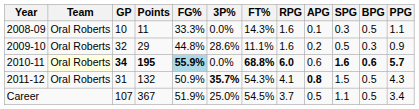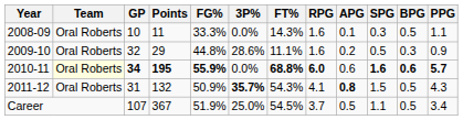 <table class="wikitable">
 <tr>
 <th>Year</th>
 <th>Team</th>
 <th>GP</th>
 <th>Points</th>
 <th>FG%</th>
 <th>3P%</th>
 <th>FT%</th>
 <th>RPG</th>
 <th>APG</th>
 <th>SPG</th>
 <th>BPG</th>
 <th>PPG</th>
 </tr>
 <tr>
 <td>2008-09</td>
 <td>Oral Roberts</td>
 <td>10</td>
 <td>11</td>
 <td>33.3%</td>
 <td>0.0%</td>
 <td>14.3%</td>
 <td>1.6</td>
 <td>0.1</td>
 <td>0.3</td>
 <td>0.5</td>
 <td>1.1</td>
 </tr>
 <tr>
 <td>2009-10</td>
 <td>Oral Roberts</td>
 <td>32</td>
 <td>29</td>
 <td>44.8%</td>
 <td>28.6%</td>
 <td>11.1%</td>
 <td>1.6</td>
 <td>0.2</td>
 <td>0.5</td>
 <td>0.3</td>
 <td>0.9</td>
 </tr>
 <tr>
 <td>2010-11</td>
 <td style="background: lightyellow;">Oral Roberts</td>
 <td><strong>34</strong></td>
 <td><strong>195</strong></td>
-<td style="background: lightblue;"><strong>55.9%</strong></td>
+<td><strong>55.9%</strong></td>
 <td>0.0%</td>
 <td><strong>68.8%</strong></td>
 <td><strong>6.0</strong></td>
 <td>0.6</td>
 <td><strong>1.6</strong></td>
 <td><strong>0.6</strong></td>
 <td><strong>5.7</strong></td>
 </tr>
 <tr>
 <td>2011-12</td>
 <td>Oral Roberts</td>
 <td>31</td>
 <td>132</td>
 <td>50.9%</td>
 <td><strong>35.7%</strong></td>
 <td>54.3%</td>
 <td>4.1</td>
 <td><strong>0.8</strong></td>
 <td>1.5</td>
 <td>0.5</td>
 <td>4.3</td>
 </tr>
 <tr>
 <td colspan="2">Career</td>
 <td>107</td>
 <td>367</td>
 <td>51.9%</td>
 <td>25.0%</td>
 <td>54.5%</td>
 <td>3.7</td>
 <td>0.5</td>
 <td>1.1</td>
 <td>0.5</td>
 <td>3.4</td>
 </tr>
 </table>
